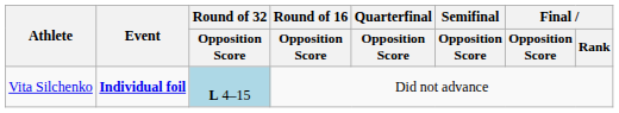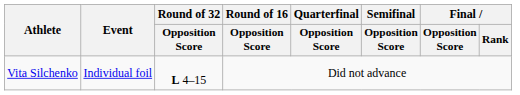 <table class="wikitable" style="font-size:90%">
 <tr>
 <th rowspan="2">Athlete</th>
 <th rowspan="2">Event</th>
 <th>Round of 32</th>
 <th>Round of 16</th>
 <th>Quarterfinal</th>
 <th>Semifinal</th>
 <th colspan=2>Final / </th>
 </tr>
 <tr style="font-size:95%">
 <th>Opposition <br> Score</th>
 <th>Opposition <br> Score</th>
 <th>Opposition <br> Score</th>
 <th>Opposition <br> Score</th>
 <th>Opposition <br> Score</th>
 <th>Rank</th>
 </tr>
 <tr align=center>
 <td align=left><a href='#'>Vita Silchenko</a></td>
-<td align=left><strong><a href='#'>Individual foil</a></strong></td>
-<td style="background: lightblue;"><br><strong>L</strong> 4–15</td>
+<td align=left><a href='#'>Individual foil</a></td>
+<td><br><strong>L</strong> 4–15</td>
 <td colspan=5>Did not advance</td>
 </tr>
 </table>
